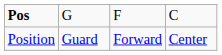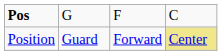 <table class="wikitable">
 <tr>
 <td width="50"><strong>Pos</strong></td>
 <td width="50">G</td>
 <td width="50">F</td>
 <td width="50">C</td>
 </tr>
 <tr>
 <td><a href='#'>Position</a></td>
 <td><a href='#'>Guard</a></td>
 <td><a href='#'>Forward</a></td>
-<td><a href='#'>Center</a></td>
+<td style="background: khaki;"><a href='#'>Center</a></td>
 </tr>
 </table>
